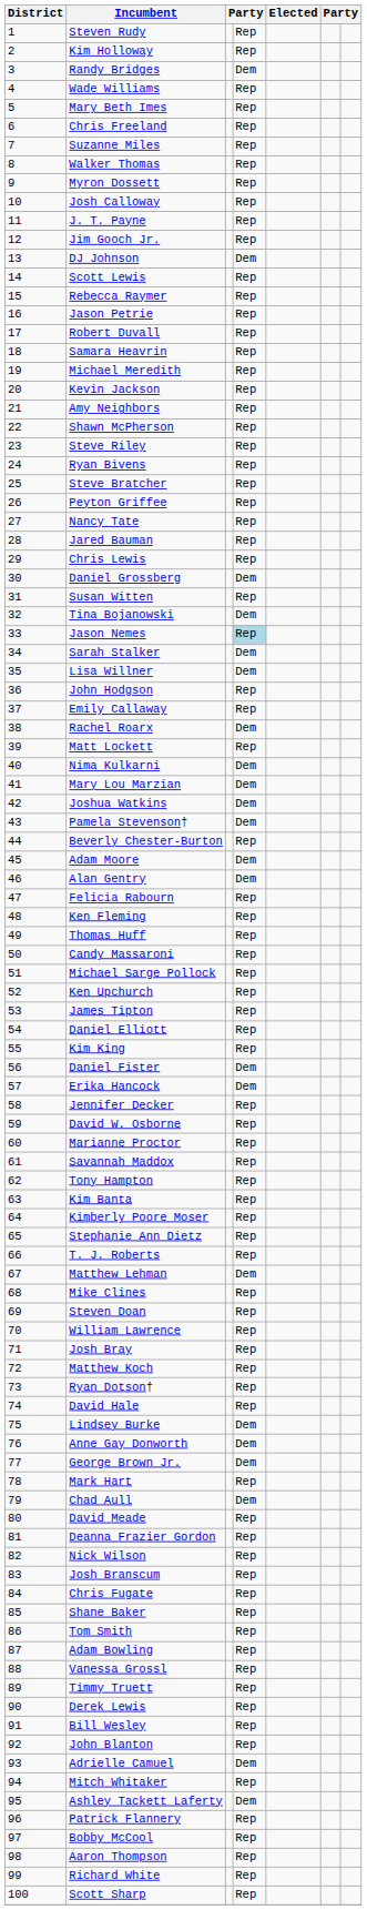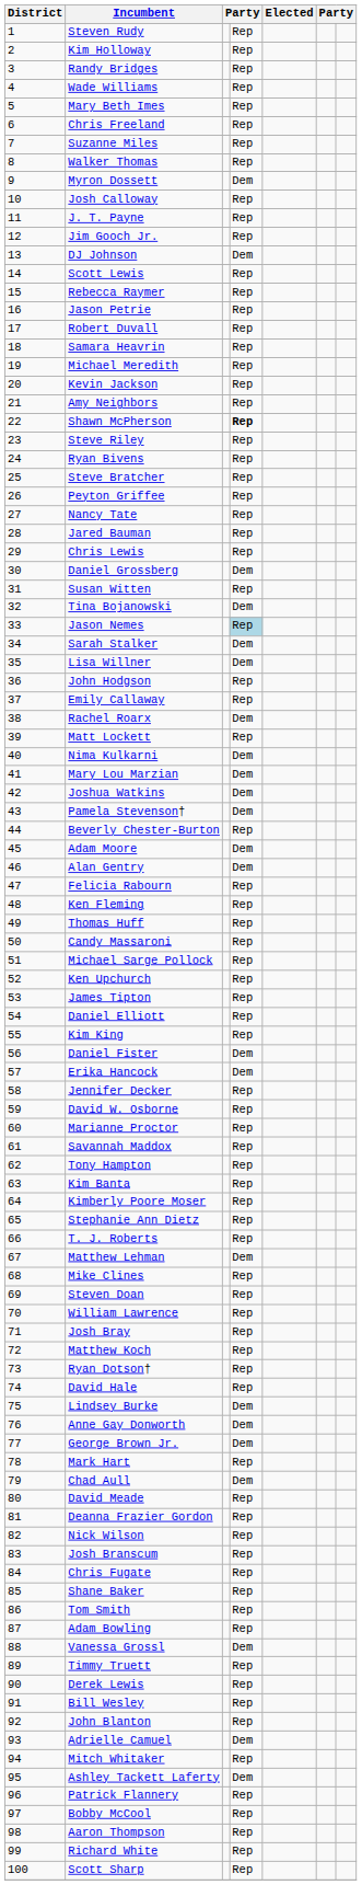 <table class="sortable wikitable" style="font-size:95%;line-height:14px;">
 <tr>
 <th class="unsortable">District</th>
 <th class="unsortable"><a href='#'>Incumbent</a></th>
 <th colspan="2">Party</th>
 <th class="unsortable">Elected</th>
 <th colspan="2">Party</th>
 </tr>
 <tr>
 <td>1</td>
 <td><a href='#'>Steven Rudy</a></td>
 <td style="background:"></td>
 <td>Rep</td>
 <td></td>
 <td></td>
 <td></td>
 </tr>
 <tr>
 <td>2</td>
 <td><a href='#'>Kim Holloway</a></td>
 <td style="background:"></td>
 <td>Rep</td>
 <td></td>
 <td></td>
 <td></td>
 </tr>
 <tr>
 <td>3</td>
 <td><a href='#'>Randy Bridges</a></td>
 <td style="background:"></td>
-<td>Dem</td>
+<td>Rep</td>
 <td></td>
 <td></td>
 <td></td>
 </tr>
 <tr>
 <td>4</td>
 <td><a href='#'>Wade Williams</a></td>
 <td style="background:"></td>
 <td>Rep</td>
 <td></td>
 <td></td>
 <td></td>
 </tr>
 <tr>
 <td>5</td>
 <td><a href='#'>Mary Beth Imes</a></td>
 <td style="background:"></td>
 <td>Rep</td>
 <td></td>
 <td></td>
 <td></td>
 </tr>
 <tr>
 <td>6</td>
 <td><a href='#'>Chris Freeland</a></td>
 <td style="background:"></td>
 <td>Rep</td>
 <td></td>
 <td></td>
 <td></td>
 </tr>
 <tr>
 <td>7</td>
 <td><a href='#'>Suzanne Miles</a></td>
 <td style="background:"></td>
 <td>Rep</td>
 <td></td>
 <td></td>
 <td></td>
 </tr>
 <tr>
 <td>8</td>
 <td><a href='#'>Walker Thomas</a></td>
 <td style="background:"></td>
 <td>Rep</td>
 <td></td>
 <td></td>
 <td></td>
 </tr>
 <tr>
 <td>9</td>
 <td><a href='#'>Myron Dossett</a></td>
 <td style="background:"></td>
-<td>Rep</td>
+<td>Dem</td>
 <td></td>
 <td></td>
 <td></td>
 </tr>
 <tr>
 <td>10</td>
 <td><a href='#'>Josh Calloway</a></td>
 <td style="background:"></td>
 <td>Rep</td>
 <td></td>
 <td></td>
 <td></td>
 </tr>
 <tr>
 <td>11</td>
 <td><a href='#'>J. T. Payne</a></td>
 <td style="background:"></td>
 <td>Rep</td>
 <td></td>
 <td></td>
 <td></td>
 </tr>
 <tr>
 <td>12</td>
 <td><a href='#'>Jim Gooch Jr.</a></td>
 <td style="background:"></td>
 <td>Rep</td>
 <td></td>
 <td></td>
 <td></td>
 </tr>
 <tr>
 <td>13</td>
 <td><a href='#'>DJ Johnson</a></td>
 <td style="background:"></td>
 <td>Dem</td>
 <td></td>
 <td></td>
 <td></td>
 </tr>
 <tr>
 <td>14</td>
 <td><a href='#'>Scott Lewis</a></td>
 <td style="background:"></td>
 <td>Rep</td>
 <td></td>
 <td></td>
 <td></td>
 </tr>
 <tr>
 <td>15</td>
 <td><a href='#'>Rebecca Raymer</a></td>
 <td style="background:"></td>
 <td>Rep</td>
 <td></td>
 <td></td>
 <td></td>
 </tr>
 <tr>
 <td>16</td>
 <td><a href='#'>Jason Petrie</a></td>
 <td style="background:"></td>
 <td>Rep</td>
 <td></td>
 <td></td>
 <td></td>
 </tr>
 <tr>
 <td>17</td>
 <td><a href='#'>Robert Duvall</a></td>
 <td style="background:"></td>
 <td>Rep</td>
 <td></td>
 <td></td>
 <td></td>
 </tr>
 <tr>
 <td>18</td>
 <td><a href='#'>Samara Heavrin</a></td>
 <td style="background:"></td>
 <td>Rep</td>
 <td></td>
 <td></td>
 <td></td>
 </tr>
 <tr>
 <td>19</td>
 <td><a href='#'>Michael Meredith</a></td>
 <td style="background:"></td>
 <td>Rep</td>
 <td></td>
 <td></td>
 <td></td>
 </tr>
 <tr>
 <td>20</td>
 <td><a href='#'>Kevin Jackson</a></td>
 <td style="background:"></td>
 <td>Rep</td>
 <td></td>
 <td></td>
 <td></td>
 </tr>
 <tr>
 <td>21</td>
 <td><a href='#'>Amy Neighbors</a></td>
 <td style="background:"></td>
 <td>Rep</td>
 <td></td>
 <td></td>
 <td></td>
 </tr>
 <tr>
 <td>22</td>
 <td><a href='#'>Shawn McPherson</a></td>
 <td style="background:"></td>
-<td>Rep</td>
+<td><strong>Rep</strong></td>
 <td></td>
 <td></td>
 <td></td>
 </tr>
 <tr>
 <td>23</td>
 <td><a href='#'>Steve Riley</a></td>
 <td style="background:"></td>
 <td>Rep</td>
 <td></td>
 <td></td>
 <td></td>
 </tr>
 <tr>
 <td>24</td>
 <td><a href='#'>Ryan Bivens</a></td>
 <td style="background:"></td>
 <td>Rep</td>
 <td></td>
 <td></td>
 <td></td>
 </tr>
 <tr>
 <td>25</td>
 <td><a href='#'>Steve Bratcher</a></td>
 <td style="background:"></td>
 <td>Rep</td>
 <td></td>
 <td></td>
 <td></td>
 </tr>
 <tr>
 <td>26</td>
 <td><a href='#'>Peyton Griffee</a></td>
 <td style="background:"></td>
 <td>Rep</td>
 <td></td>
 <td></td>
 <td></td>
 </tr>
 <tr>
 <td>27</td>
 <td><a href='#'>Nancy Tate</a></td>
 <td style="background:"></td>
 <td>Rep</td>
 <td></td>
 <td></td>
 <td></td>
 </tr>
 <tr>
 <td>28</td>
 <td><a href='#'>Jared Bauman</a></td>
 <td style="background:"></td>
 <td>Rep</td>
 <td></td>
 <td></td>
 <td></td>
 </tr>
 <tr>
 <td>29</td>
 <td><a href='#'>Chris Lewis</a></td>
 <td style="background:"></td>
 <td>Rep</td>
 <td></td>
 <td></td>
 <td></td>
 </tr>
 <tr>
 <td>30</td>
 <td><a href='#'>Daniel Grossberg</a></td>
 <td style="background:"></td>
 <td>Dem</td>
 <td></td>
 <td></td>
 <td></td>
 </tr>
 <tr>
 <td>31</td>
 <td><a href='#'>Susan Witten</a></td>
 <td style="background:"></td>
 <td>Rep</td>
 <td></td>
 <td></td>
 <td></td>
 </tr>
 <tr>
 <td>32</td>
 <td><a href='#'>Tina Bojanowski</a></td>
 <td style="background:"></td>
 <td>Dem</td>
 <td></td>
 <td></td>
 <td></td>
 </tr>
 <tr>
 <td>33</td>
 <td><a href='#'>Jason Nemes</a></td>
 <td style="background:"></td>
 <td style="background: lightblue;">Rep</td>
 <td></td>
 <td></td>
 <td></td>
 </tr>
 <tr>
 <td>34</td>
 <td><a href='#'>Sarah Stalker</a></td>
 <td style="background:"></td>
 <td>Dem</td>
 <td></td>
 <td></td>
 <td></td>
 </tr>
 <tr>
 <td>35</td>
 <td><a href='#'>Lisa Willner</a></td>
 <td style="background:"></td>
 <td>Dem</td>
 <td></td>
 <td></td>
 <td></td>
 </tr>
 <tr>
 <td>36</td>
 <td><a href='#'>John Hodgson</a></td>
 <td style="background:"></td>
 <td>Rep</td>
 <td></td>
 <td></td>
 <td></td>
 </tr>
 <tr>
 <td>37</td>
 <td><a href='#'>Emily Callaway</a></td>
 <td style="background:"></td>
 <td>Rep</td>
 <td></td>
 <td></td>
 <td></td>
 </tr>
 <tr>
 <td>38</td>
 <td><a href='#'>Rachel Roarx</a></td>
 <td style="background:"></td>
 <td>Dem</td>
 <td></td>
 <td></td>
 <td></td>
 </tr>
 <tr>
 <td>39</td>
 <td><a href='#'>Matt Lockett</a></td>
 <td style="background:"></td>
 <td>Rep</td>
 <td></td>
 <td></td>
 <td></td>
 </tr>
 <tr>
 <td>40</td>
 <td><a href='#'>Nima Kulkarni</a></td>
 <td style="background:"></td>
 <td>Dem</td>
 <td></td>
 <td></td>
 <td></td>
 </tr>
 <tr>
 <td>41</td>
 <td><a href='#'>Mary Lou Marzian</a></td>
 <td style="background:"></td>
 <td>Dem</td>
 <td></td>
 <td></td>
 <td></td>
 </tr>
 <tr>
 <td>42</td>
 <td><a href='#'>Joshua Watkins</a></td>
 <td style="background:"></td>
 <td>Dem</td>
 <td></td>
 <td></td>
 <td></td>
 </tr>
 <tr>
 <td>43</td>
 <td><a href='#'>Pamela Stevenson</a>†</td>
 <td style="background:"></td>
 <td>Dem</td>
 <td></td>
 <td></td>
 <td></td>
 </tr>
 <tr>
 <td>44</td>
 <td><a href='#'>Beverly Chester-Burton</a></td>
 <td style="background:"></td>
 <td>Rep</td>
 <td></td>
 <td></td>
 <td></td>
 </tr>
 <tr>
 <td>45</td>
 <td><a href='#'>Adam Moore</a></td>
 <td style="background:"></td>
 <td>Dem</td>
 <td></td>
 <td></td>
 <td></td>
 </tr>
 <tr>
 <td>46</td>
 <td><a href='#'>Alan Gentry</a></td>
 <td style="background:"></td>
 <td>Dem</td>
 <td></td>
 <td></td>
 <td></td>
 </tr>
 <tr>
 <td>47</td>
 <td><a href='#'>Felicia Rabourn</a></td>
 <td style="background:"></td>
 <td>Rep</td>
 <td></td>
 <td></td>
 <td></td>
 </tr>
 <tr>
 <td>48</td>
 <td><a href='#'>Ken Fleming</a></td>
 <td style="background:"></td>
 <td>Rep</td>
 <td></td>
 <td></td>
 <td></td>
 </tr>
 <tr>
 <td>49</td>
 <td><a href='#'>Thomas Huff</a></td>
 <td style="background:"></td>
 <td>Rep</td>
 <td></td>
 <td></td>
 <td></td>
 </tr>
 <tr>
 <td>50</td>
 <td><a href='#'>Candy Massaroni</a></td>
 <td style="background:"></td>
 <td>Rep</td>
 <td></td>
 <td></td>
 <td></td>
 </tr>
 <tr>
 <td>51</td>
 <td><a href='#'>Michael Sarge Pollock</a></td>
 <td style="background:"></td>
 <td>Rep</td>
 <td></td>
 <td></td>
 <td></td>
 </tr>
 <tr>
 <td>52</td>
 <td><a href='#'>Ken Upchurch</a></td>
 <td style="background:"></td>
 <td>Rep</td>
 <td></td>
 <td></td>
 <td></td>
 </tr>
 <tr>
 <td>53</td>
 <td><a href='#'>James Tipton</a></td>
 <td style="background:"></td>
 <td>Rep</td>
 <td></td>
 <td></td>
 <td></td>
 </tr>
 <tr>
 <td>54</td>
 <td><a href='#'>Daniel Elliott</a></td>
 <td style="background:"></td>
 <td>Rep</td>
 <td></td>
 <td></td>
 <td></td>
 </tr>
 <tr>
 <td>55</td>
 <td><a href='#'>Kim King</a></td>
 <td style="background:"></td>
 <td>Rep</td>
 <td></td>
 <td></td>
 <td></td>
 </tr>
 <tr>
 <td>56</td>
 <td><a href='#'>Daniel Fister</a></td>
 <td style="background:"></td>
 <td>Dem</td>
 <td></td>
 <td></td>
 <td></td>
 </tr>
 <tr>
 <td>57</td>
 <td><a href='#'>Erika Hancock</a></td>
 <td style="background:"></td>
 <td>Dem</td>
 <td></td>
 <td></td>
 <td></td>
 </tr>
 <tr>
 <td>58</td>
 <td><a href='#'>Jennifer Decker</a></td>
 <td style="background:"></td>
 <td>Rep</td>
 <td></td>
 <td></td>
 <td></td>
 </tr>
 <tr>
 <td>59</td>
 <td><a href='#'>David W. Osborne</a></td>
 <td style="background:"></td>
 <td>Rep</td>
 <td></td>
 <td></td>
 <td></td>
 </tr>
 <tr>
 <td>60</td>
 <td><a href='#'>Marianne Proctor</a></td>
 <td style="background:"></td>
 <td>Rep</td>
 <td></td>
 <td></td>
 <td></td>
 </tr>
 <tr>
 <td>61</td>
 <td><a href='#'>Savannah Maddox</a></td>
 <td style="background:"></td>
 <td>Rep</td>
 <td></td>
 <td></td>
 <td></td>
 </tr>
 <tr>
 <td>62</td>
 <td><a href='#'>Tony Hampton</a></td>
 <td style="background:"></td>
 <td>Rep</td>
 <td></td>
 <td></td>
 <td></td>
 </tr>
 <tr>
 <td>63</td>
 <td><a href='#'>Kim Banta</a></td>
 <td style="background:"></td>
 <td>Rep</td>
 <td></td>
 <td></td>
 <td></td>
 </tr>
 <tr>
 <td>64</td>
 <td><a href='#'>Kimberly Poore Moser</a></td>
 <td style="background:"></td>
 <td>Rep</td>
 <td></td>
 <td></td>
 <td></td>
 </tr>
 <tr>
 <td>65</td>
 <td><a href='#'>Stephanie Ann Dietz</a></td>
 <td style="background:"></td>
 <td>Rep</td>
 <td></td>
 <td></td>
 <td></td>
 </tr>
 <tr>
 <td>66</td>
 <td><a href='#'>T. J. Roberts</a></td>
 <td style="background:"></td>
 <td>Rep</td>
 <td></td>
 <td></td>
 <td></td>
 </tr>
 <tr>
 <td>67</td>
 <td><a href='#'>Matthew Lehman</a></td>
 <td style="background:"></td>
 <td>Dem</td>
 <td></td>
 <td></td>
 <td></td>
 </tr>
 <tr>
 <td>68</td>
 <td><a href='#'>Mike Clines</a></td>
 <td style="background:"></td>
 <td>Rep</td>
 <td></td>
 <td></td>
 <td></td>
 </tr>
 <tr>
 <td>69</td>
 <td><a href='#'>Steven Doan</a></td>
 <td style="background:"></td>
 <td>Rep</td>
 <td></td>
 <td></td>
 <td></td>
 </tr>
 <tr>
 <td>70</td>
 <td><a href='#'>William Lawrence</a></td>
 <td style="background:"></td>
 <td>Rep</td>
 <td></td>
 <td></td>
 <td></td>
 </tr>
 <tr>
 <td>71</td>
 <td><a href='#'>Josh Bray</a></td>
 <td style="background:"></td>
 <td>Rep</td>
 <td></td>
 <td></td>
 <td></td>
 </tr>
 <tr>
 <td>72</td>
 <td><a href='#'>Matthew Koch</a></td>
 <td style="background:"></td>
 <td>Rep</td>
 <td></td>
 <td></td>
 <td></td>
 </tr>
 <tr>
 <td>73</td>
 <td><a href='#'>Ryan Dotson</a>†</td>
 <td style="background:"></td>
 <td>Rep</td>
 <td></td>
 <td></td>
 <td></td>
 </tr>
 <tr>
 <td>74</td>
 <td><a href='#'>David Hale</a></td>
 <td style="background:"></td>
 <td>Rep</td>
 <td></td>
 <td></td>
 <td></td>
 </tr>
 <tr>
 <td>75</td>
 <td><a href='#'>Lindsey Burke</a></td>
 <td style="background:"></td>
 <td>Dem</td>
 <td></td>
 <td></td>
 <td></td>
 </tr>
 <tr>
 <td>76</td>
 <td><a href='#'>Anne Gay Donworth</a></td>
 <td style="background:"></td>
 <td>Dem</td>
 <td></td>
 <td></td>
 <td></td>
 </tr>
 <tr>
 <td>77</td>
 <td><a href='#'>George Brown Jr.</a></td>
 <td style="background:"></td>
 <td>Dem</td>
 <td></td>
 <td></td>
 <td></td>
 </tr>
 <tr>
 <td>78</td>
 <td><a href='#'>Mark Hart</a></td>
 <td style="background:"></td>
 <td>Rep</td>
 <td></td>
 <td></td>
 <td></td>
 </tr>
 <tr>
 <td>79</td>
 <td><a href='#'>Chad Aull</a></td>
 <td style="background:"></td>
 <td>Dem</td>
 <td></td>
 <td></td>
 <td></td>
 </tr>
 <tr>
 <td>80</td>
 <td><a href='#'>David Meade</a></td>
 <td style="background:"></td>
 <td>Rep</td>
 <td></td>
 <td></td>
 <td></td>
 </tr>
 <tr>
 <td>81</td>
 <td><a href='#'>Deanna Frazier Gordon</a></td>
 <td style="background:"></td>
 <td>Rep</td>
 <td></td>
 <td></td>
 <td></td>
 </tr>
 <tr>
 <td>82</td>
 <td><a href='#'>Nick Wilson</a></td>
 <td style="background:"></td>
 <td>Rep</td>
 <td></td>
 <td></td>
 <td></td>
 </tr>
 <tr>
 <td>83</td>
 <td><a href='#'>Josh Branscum</a></td>
 <td style="background:"></td>
 <td>Rep</td>
 <td></td>
 <td></td>
 <td></td>
 </tr>
 <tr>
 <td>84</td>
 <td><a href='#'>Chris Fugate</a></td>
 <td style="background:"></td>
 <td>Rep</td>
 <td></td>
 <td></td>
 <td></td>
 </tr>
 <tr>
 <td>85</td>
 <td><a href='#'>Shane Baker</a></td>
 <td style="background:"></td>
 <td>Rep</td>
 <td></td>
 <td></td>
 <td></td>
 </tr>
 <tr>
 <td>86</td>
 <td><a href='#'>Tom Smith</a></td>
 <td style="background:"></td>
 <td>Rep</td>
 <td></td>
 <td></td>
 <td></td>
 </tr>
 <tr>
 <td>87</td>
 <td><a href='#'>Adam Bowling</a></td>
 <td style="background:"></td>
 <td>Rep</td>
 <td></td>
 <td></td>
 <td></td>
 </tr>
 <tr>
 <td>88</td>
 <td><a href='#'>Vanessa Grossl</a></td>
 <td style="background:"></td>
-<td>Rep</td>
+<td>Dem</td>
 <td></td>
 <td></td>
 <td></td>
 </tr>
 <tr>
 <td>89</td>
 <td><a href='#'>Timmy Truett</a></td>
 <td style="background:"></td>
 <td>Rep</td>
 <td></td>
 <td></td>
 <td></td>
 </tr>
 <tr>
 <td>90</td>
 <td><a href='#'>Derek Lewis</a></td>
 <td style="background:"></td>
 <td>Rep</td>
 <td></td>
 <td></td>
 <td></td>
 </tr>
 <tr>
 <td>91</td>
 <td><a href='#'>Bill Wesley</a></td>
 <td style="background:"></td>
 <td>Rep</td>
 <td></td>
 <td></td>
 <td></td>
 </tr>
 <tr>
 <td>92</td>
 <td><a href='#'>John Blanton</a></td>
 <td style="background:"></td>
 <td>Rep</td>
 <td></td>
 <td></td>
 <td></td>
 </tr>
 <tr>
 <td>93</td>
 <td><a href='#'>Adrielle Camuel</a></td>
 <td style="background:"></td>
 <td>Dem</td>
 <td></td>
 <td></td>
 <td></td>
 </tr>
 <tr>
 <td>94</td>
 <td><a href='#'>Mitch Whitaker</a></td>
 <td style="background:"></td>
 <td>Rep</td>
 <td></td>
 <td></td>
 <td></td>
 </tr>
 <tr>
 <td>95</td>
 <td><a href='#'>Ashley Tackett Laferty</a></td>
 <td style="background:"></td>
 <td>Dem</td>
 <td></td>
 <td></td>
 <td></td>
 </tr>
 <tr>
 <td>96</td>
 <td><a href='#'>Patrick Flannery</a></td>
 <td style="background:"></td>
 <td>Rep</td>
 <td></td>
 <td></td>
 <td></td>
 </tr>
 <tr>
 <td>97</td>
 <td><a href='#'>Bobby McCool</a></td>
 <td style="background:"></td>
 <td>Rep</td>
 <td></td>
 <td></td>
 <td></td>
 </tr>
 <tr>
 <td>98</td>
 <td><a href='#'>Aaron Thompson</a></td>
 <td style="background:"></td>
 <td>Rep</td>
 <td></td>
 <td></td>
 <td></td>
 </tr>
 <tr>
 <td>99</td>
 <td><a href='#'>Richard White</a></td>
 <td style="background:"></td>
 <td>Rep</td>
 <td></td>
 <td></td>
 <td></td>
 </tr>
 <tr>
 <td>100</td>
 <td><a href='#'>Scott Sharp</a></td>
 <td style="background:"></td>
 <td>Rep</td>
 <td></td>
 <td></td>
 <td></td>
 </tr>
 <tr>
 </tr>
 </table>
